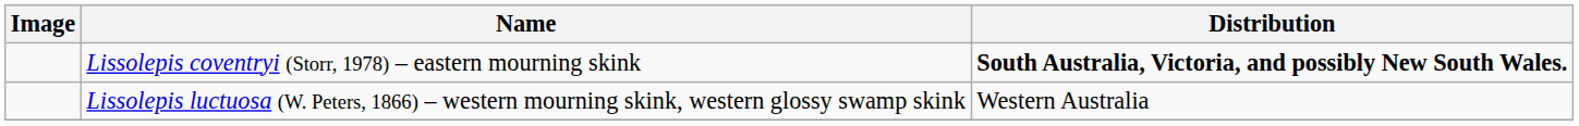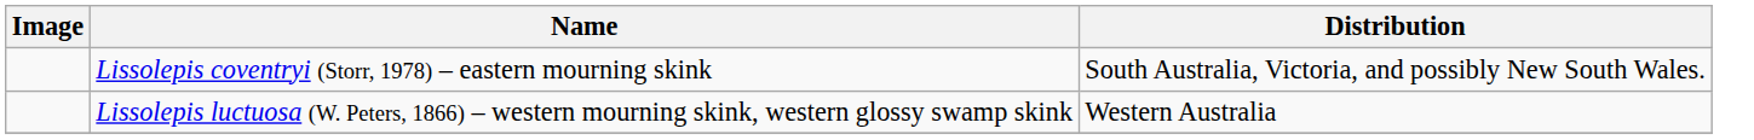 <table class="wikitable">
 <tr>
 <th>Image</th>
 <th>Name</th>
 <th>Distribution</th>
 </tr>
 <tr>
 <td></td>
 <td><em><a href='#'>Lissolepis coventryi</a></em> <small>(Storr, 1978)</small> – eastern mourning skink</td>
-<td><strong>South Australia, Victoria, and possibly New South Wales.</strong></td>
+<td>South Australia, Victoria, and possibly New South Wales.</td>
 </tr>
 <tr>
 <td></td>
 <td><em><a href='#'>Lissolepis luctuosa</a></em> <small>(W. Peters, 1866)</small> – western mourning skink, western glossy swamp skink</td>
 <td>Western Australia</td>
 </tr>
 <tr>
 </tr>
 </table>
